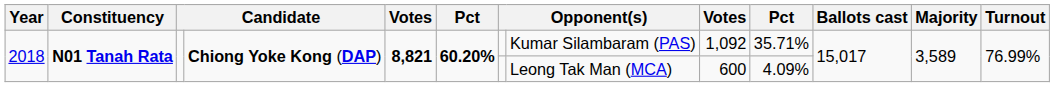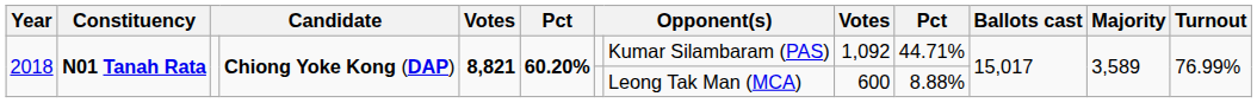 <table class="wikitable" style="margin:0.5em ; font-size:95%">
 <tr>
 <th>Year</th>
 <th>Constituency</th>
 <th colspan=2>Candidate</th>
 <th>Votes</th>
 <th>Pct</th>
 <th colspan=2>Opponent(s)</th>
 <th>Votes</th>
 <th>Pct</th>
 <th>Ballots cast</th>
 <th>Majority</th>
 <th>Turnout</th>
 </tr>
 <tr>
 <td rowspan=2><a href='#'>2018</a></td>
 <td rowspan=2><strong>N01 <a href='#'>Tanah Rata</a></strong></td>
 <td rowspan=2 ></td>
 <td rowspan=2><strong>Chiong Yoke Kong</strong> (<a href='#'><strong>DAP</strong></a>)</td>
 <td rowspan=2 align=right><strong>8,821</strong></td>
 <td rowspan=2><strong>60.20%</strong></td>
 <td></td>
 <td>Kumar Silambaram (<a href='#'>PAS</a>)</td>
 <td align=right>1,092</td>
-<td>35.71%</td>
+<td>44.71%</td>
 <td rowspan=2>15,017</td>
 <td rowspan=2>3,589</td>
 <td rowspan=2>76.99%</td>
 </tr>
 <tr>
 <td></td>
 <td>Leong Tak Man (<a href='#'>MCA</a>)</td>
 <td align=right>600</td>
-<td align=right>4.09%</td>
+<td align=right>8.88%</td>
 </tr>
 </table>
